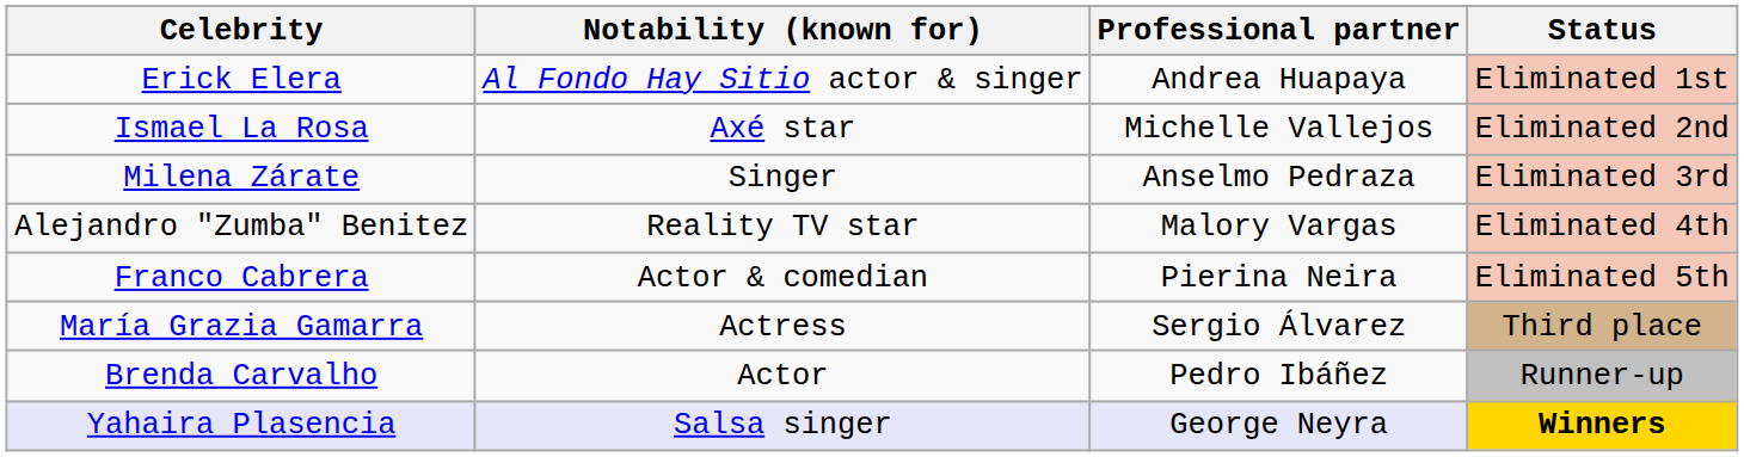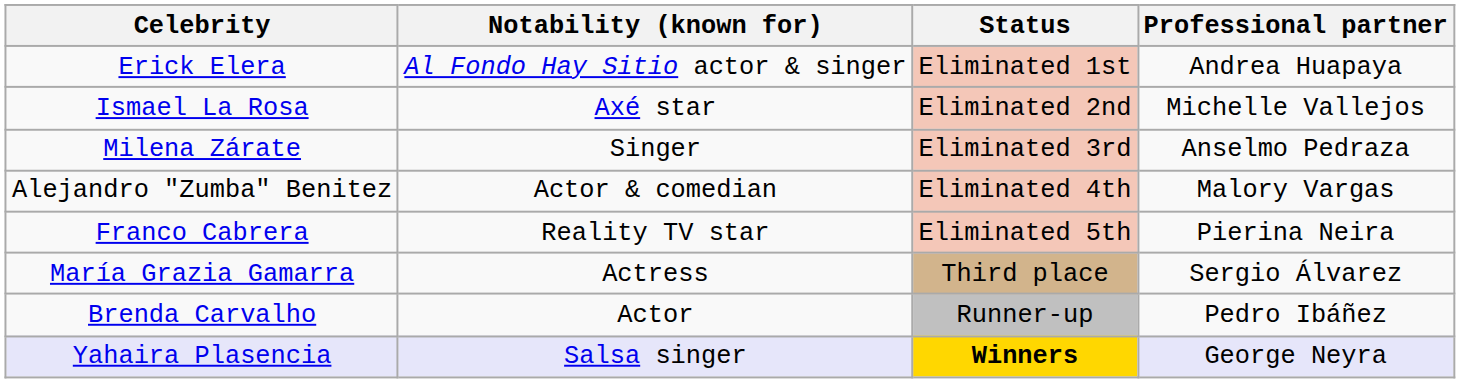 <table class= "wikitable sortable" style="text-align: center; margin:auto; align: center">
 <tr>
 <th>Celebrity</th>
 <th>Notability (known for)</th>
+<th>Status</th>
 <th>Professional partner</th>
-<th>Status</th>
 </tr>
 <tr>
 <td><a href='#'>Erick Elera</a></td>
 <td><em><a href='#'>Al Fondo Hay Sitio</a></em> actor & singer</td>
+<td style="background:#f4c7b8">Eliminated 1st<br></td>
 <td>Andrea Huapaya</td>
-<td style="background:#f4c7b8">Eliminated 1st<br></td>
 </tr>
 <tr>
 <td><a href='#'>Ismael La Rosa</a></td>
 <td><a href='#'>Axé</a> star</td>
+<td style="background:#f4c7b8">Eliminated 2nd<br></td>
 <td>Michelle Vallejos</td>
-<td style="background:#f4c7b8">Eliminated 2nd<br></td>
 </tr>
 <tr>
 <td><a href='#'>Milena Zárate</a></td>
 <td>Singer</td>
+<td style="background:#f4c7b8">Eliminated 3rd<br></td>
 <td>Anselmo Pedraza</td>
-<td style="background:#f4c7b8">Eliminated 3rd<br></td>
 </tr>
 <tr>
 <td>Alejandro "Zumba" Benitez</td>
-<td>Reality TV star</td>
+<td>Actor & comedian</td>
+<td style="background:#f4c7b8">Eliminated 4th<br></td>
 <td>Malory Vargas</td>
-<td style="background:#f4c7b8">Eliminated 4th<br></td>
 </tr>
 <tr>
 <td><a href='#'>Franco Cabrera</a></td>
-<td>Actor & comedian</td>
+<td>Reality TV star</td>
+<td style="background:#f4c7b8">Eliminated 5th<br></td>
 <td>Pierina Neira</td>
-<td style="background:#f4c7b8">Eliminated 5th<br></td>
 </tr>
 <tr>
 <td><a href='#'>María Grazia Gamarra</a></td>
 <td>Actress</td>
+<td style="background:tan">Third place<br></td>
 <td>Sergio Álvarez<br></td>
-<td style="background:tan">Third place<br></td>
 </tr>
 <tr>
 <td><a href='#'>Brenda Carvalho</a></td>
 <td>Actor</td>
+<td style="background:silver">Runner-up<br></td>
 <td>Pedro Ibáñez<br></td>
-<td style="background:silver">Runner-up<br></td>
 </tr>
 <tr>
 <td style="background:lavender;"><a href='#'>Yahaira Plasencia</a></td>
 <td style="background:lavender;"><a href='#'>Salsa</a> singer</td>
+<td style="background:Gold;"><strong>Winners</strong><br></td>
 <td style="background:lavender;">George Neyra</td>
-<td style="background:Gold;"><strong>Winners</strong><br></td>
 </tr>
 </table>
